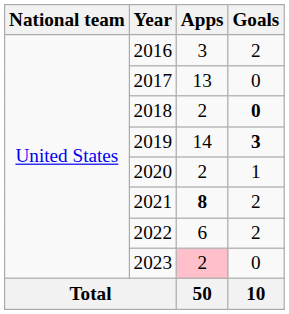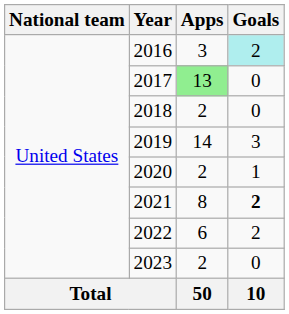 <table class="wikitable" style="text-align:center">
 <tr>
 <th>National team</th>
 <th>Year</th>
 <th>Apps</th>
 <th>Goals</th>
 </tr>
 <tr>
 <td rowspan=8><a href='#'>United States</a></td>
 <td>2016</td>
 <td>3</td>
-<td>2</td>
+<td style="background: paleturquoise;">2</td>
 </tr>
 <tr>
 <td>2017</td>
-<td>13</td>
+<td style="background: lightgreen;">13</td>
 <td>0</td>
 </tr>
 <tr>
 <td>2018</td>
 <td>2</td>
-<td><strong>0</strong></td>
+<td>0</td>
 </tr>
 <tr>
 <td>2019</td>
 <td>14</td>
-<td><strong>3</strong></td>
+<td>3</td>
 </tr>
 <tr>
 <td>2020</td>
 <td>2</td>
 <td>1</td>
 </tr>
 <tr>
 <td>2021</td>
-<td><strong>8</strong></td>
-<td>2</td>
+<td>8</td>
+<td><strong>2</strong></td>
 </tr>
 <tr>
 <td>2022</td>
 <td>6</td>
 <td>2</td>
 </tr>
 <tr>
 <td>2023</td>
-<td style="background: pink;">2</td>
+<td>2</td>
 <td>0</td>
 </tr>
 <tr>
 <th colspan=2>Total</th>
 <th>50</th>
 <th>10</th>
 </tr>
 </table>
